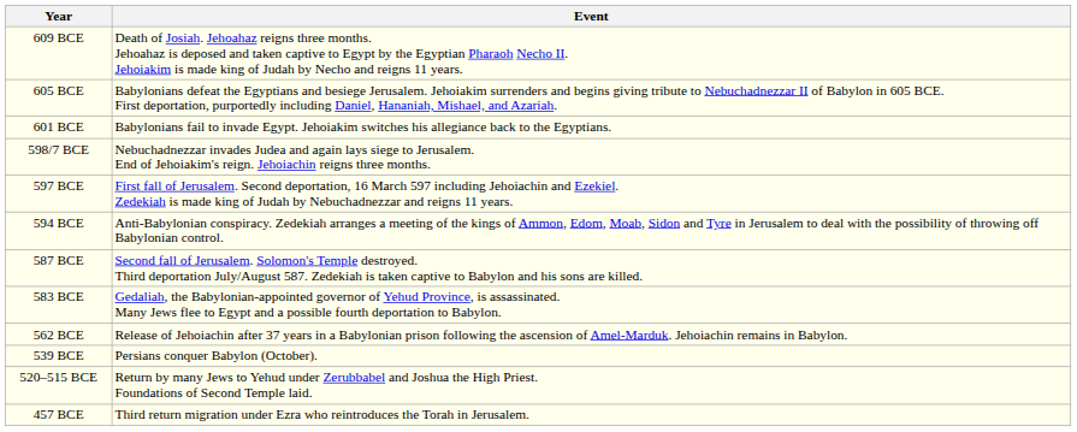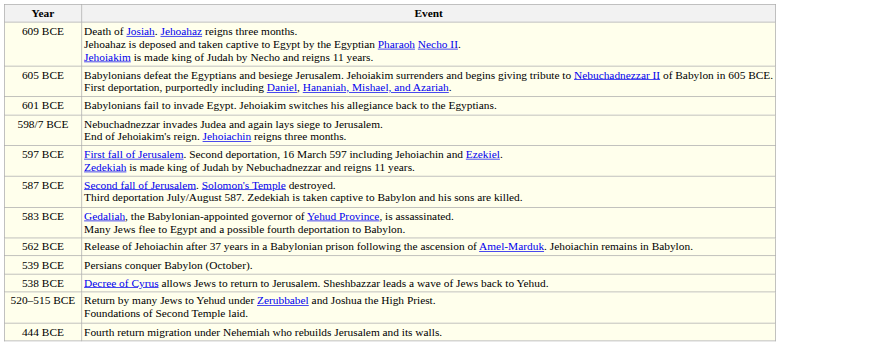 <table class="wikitable" style="align: center;">
 <tr>
 <th style="width:10%;">Year</th>
 <th style="width:90%;">Event</th>
 </tr>
 <tr style="text-align:right; background:#ffffec; vertical-align:top;">
 <td style="text-align:center;">609 BCE</td>
 <td align="left">Death of <a href='#'>Josiah</a>. <a href='#'>Jehoahaz</a> reigns three months. <br>Jehoahaz is deposed and taken captive to Egypt by the Egyptian <a href='#'>Pharaoh</a> <a href='#'>Necho II</a>. <br><a href='#'>Jehoiakim</a> is made king of Judah by Necho and reigns 11 years.</td>
 </tr>
 <tr style="text-align:left; background:#ffffec; vertical-align:top;">
 <td style="text-align:center;">605 BCE</td>
 <td align="left">Babylonians defeat the Egyptians and besiege Jerusalem. Jehoiakim surrenders and begins giving tribute to <a href='#'>Nebuchadnezzar II</a> of Babylon in 605 BCE. <br>First deportation, purportedly including <a href='#'>Daniel</a>, <a href='#'>Hananiah, Mishael, and Azariah</a>.</td>
 </tr>
 <tr style="text-align:left; background:#ffffec; vertical-align:top;">
 <td style="text-align:center;">601 BCE</td>
 <td align="left">Babylonians fail to invade Egypt. Jehoiakim switches his allegiance back to the Egyptians.</td>
 </tr>
 <tr style="text-align:left; background:#ffffec; vertical-align:top;">
 <td style="text-align:center;">598/7 BCE</td>
 <td align="left">Nebuchadnezzar invades Judea and again lays siege to Jerusalem. <br>End of Jehoiakim's reign. <a href='#'>Jehoiachin</a> reigns three months.</td>
 </tr>
 <tr style="text-align:left; background:#ffffec; vertical-align:top;">
 <td style="text-align:center;">597 BCE</td>
 <td align="left"><a href='#'>First fall of Jerusalem</a>. Second deportation, 16 March 597 including Jehoiachin and <a href='#'>Ezekiel</a>. <br><a href='#'>Zedekiah</a> is made king of Judah by Nebuchadnezzar and reigns 11 years.</td>
 </tr>
 <tr style="text-align:left; background:#ffffec; vertical-align:top;">
-<td style="text-align:center;">594 BCE</td>
-<td align="left">Anti-Babylonian conspiracy. Zedekiah arranges a meeting of the kings of <a href='#'>Ammon</a>, <a href='#'>Edom</a>, <a href='#'>Moab</a>, <a href='#'>Sidon</a> and <a href='#'>Tyre</a> in Jerusalem to deal with the possibility of throwing off Babylonian control.</td>
-</tr>
-<tr style="text-align:left; background:#ffffec; vertical-align:top;">
 <td style="text-align:center;">587 BCE</td>
 <td align="left"><a href='#'>Second fall of Jerusalem</a>. <a href='#'>Solomon's Temple</a> destroyed. <br>Third deportation July/August 587. Zedekiah is taken captive to Babylon and his sons are killed.</td>
 </tr>
 <tr style="text-align:left; background:#ffffec; vertical-align:top;">
 <td style="text-align:center;">583 BCE</td>
 <td align="left"><a href='#'>Gedaliah</a>, the Babylonian-appointed governor of <a href='#'>Yehud Province</a>, is assassinated. <br>Many Jews flee to Egypt and a possible fourth deportation to Babylon.</td>
 </tr>
 <tr style="text-align:left; background:#ffffec; vertical-align:top;">
 <td style="text-align:center;">562 BCE</td>
 <td align="left">Release of Jehoiachin after 37 years in a Babylonian prison following the ascension of <a href='#'>Amel-Marduk</a>. Jehoiachin remains in Babylon.</td>
 </tr>
 <tr style="text-align:left; background:#ffffec; vertical-align:top;">
 <td style="text-align:center;">539 BCE</td>
 <td align="left">Persians conquer Babylon (October).</td>
 </tr>
 <tr style="text-align:left; background:#ffffec; vertical-align:top;">
+<td style="text-align:center;">538 BCE</td>
+<td align="left"><a href='#'>Decree of Cyrus</a> allows Jews to return to Jerusalem. Sheshbazzar leads a wave of Jews back to Yehud.</td>
+</tr>
+<tr style="text-align:left; background:#ffffec; vertical-align:top;">
 <td style="text-align:center;">520–515 BCE</td>
 <td align="left">Return by many Jews to Yehud under <a href='#'>Zerubbabel</a> and Joshua the High Priest.<br> Foundations of Second Temple laid.</td>
 </tr>
 <tr style="text-align:left; background:#ffffec; vertical-align:top;">
-<td style="text-align:center;">457 BCE</td>
-<td align="left">Third return migration under Ezra who reintroduces the Torah in Jerusalem.</td>
+<td style="text-align:center;">444 BCE</td>
+<td align="left">Fourth return migration under Nehemiah who rebuilds Jerusalem and its walls.</td>
 </tr>
 </table>
